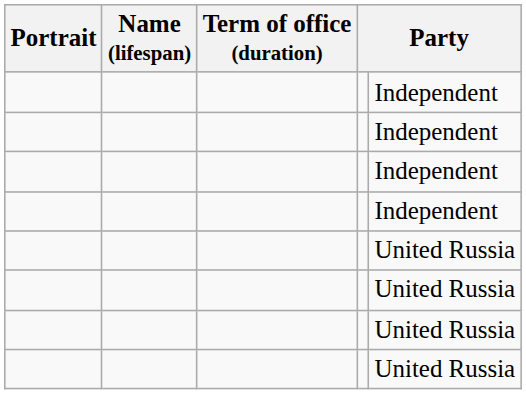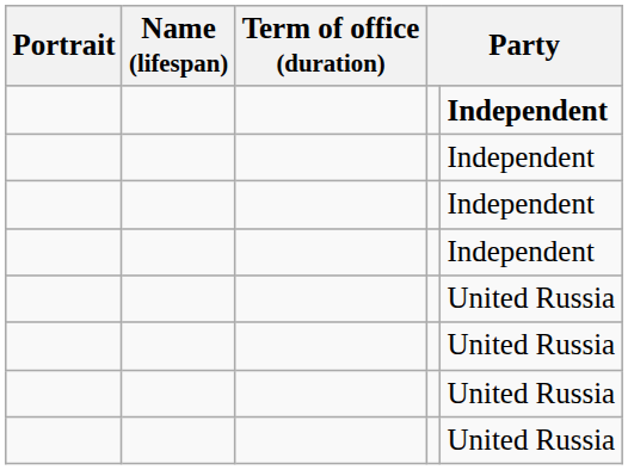 <table class="wikitable">
 <tr>
 <th>Portrait</th>
 <th>Name<br><small>(lifespan)</small></th>
 <th>Term of office<br><small>(duration)</small></th>
 <th colspan=2>Party</th>
 </tr>
 <tr>
 <td></td>
 <td></td>
 <td></td>
 <td style="background-color:"></td>
-<td>Independent</td>
+<td><strong>Independent</strong></td>
 </tr>
 <tr>
 <td></td>
 <td></td>
 <td></td>
 <td style="background-color:"></td>
 <td>Independent</td>
 </tr>
 <tr>
 <td></td>
 <td></td>
 <td></td>
 <td style="background-color:"></td>
 <td>Independent</td>
 </tr>
 <tr>
 <td></td>
 <td></td>
 <td></td>
 <td style="background-color:"></td>
 <td>Independent</td>
 </tr>
 <tr>
 <td></td>
 <td></td>
 <td></td>
 <td style="background-color:"></td>
 <td>United Russia</td>
 </tr>
 <tr>
 <td></td>
 <td></td>
 <td></td>
 <td style="background-color:"></td>
 <td>United Russia</td>
 </tr>
 <tr>
 <td></td>
 <td></td>
 <td></td>
 <td style="background-color:"></td>
 <td>United Russia</td>
 </tr>
 <tr>
 <td></td>
 <td></td>
 <td></td>
 <td style="background-color:"></td>
 <td>United Russia</td>
 </tr>
 </table>
